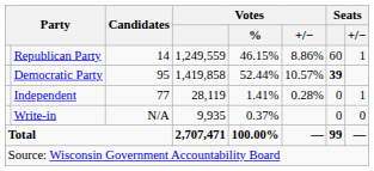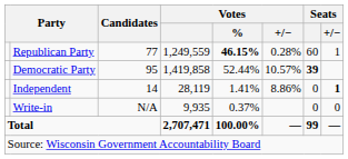 <table class="wikitable">
 <tr>
 <th colspan="2" rowspan="2">Party</th>
 <th rowspan="2">Candidates</th>
 <th colspan="3">Votes</th>
 <th colspan="2">Seats</th>
 </tr>
 <tr>
 <th></th>
 <th>%</th>
 <th>+/−</th>
 <th></th>
 <th>+/−</th>
 </tr>
 <tr>
 <td style="background-color:"></td>
 <td><a href='#'>Republican Party</a></td>
-<td align="right">14</td>
+<td align="right">77</td>
 <td align="right">1,249,559</td>
-<td align="right">46.15%</td>
-<td align="right"> 8.86%</td>
+<td align="right"><strong>46.15%</strong></td>
+<td align="right"> 0.28%</td>
 <td align="right">60</td>
 <td align="right"> 1</td>
 </tr>
 <tr>
 <td style="background-color:"></td>
 <td><a href='#'>Democratic Party</a></td>
 <td align="right">95</td>
 <td align="right">1,419,858</td>
 <td align="right">52.44%</td>
 <td align="right"> 10.57%</td>
 <td align="right"><strong>39</strong></td>
 <td align="center"></td>
 </tr>
 <tr>
 <td style="background-color:"></td>
 <td><a href='#'>Independent</a></td>
-<td align="right">77</td>
+<td align="right">14</td>
 <td align="right">28,119</td>
 <td align="right">1.41%</td>
-<td align="right"> 0.28%</td>
+<td align="right"> 8.86%</td>
 <td align="right">0</td>
-<td align="right"> 1</td>
+<td align="right"><strong> 1</strong></td>
 </tr>
 <tr>
 <td style="background-color:"></td>
 <td><a href='#'>Write-in</a></td>
 <td align="right">N/A</td>
 <td align="right">9,935</td>
 <td align="right">0.37%</td>
 <td align="right"></td>
 <td align="right">0</td>
 <td align="right">0</td>
 </tr>
 <tr>
 <td colspan="3"><strong>Total</strong></td>
 <td align="right"><strong>2,707,471</strong></td>
 <td align="right"><strong>100.00%</strong></td>
 <td align="right"><strong>—</strong></td>
 <td align="right"><strong>99</strong></td>
 <td align="right"><strong>—</strong></td>
 </tr>
 <tr>
 <td colspan="8">Source: <a href='#'>Wisconsin Government Accountability Board</a></td>
 </tr>
 </table>
